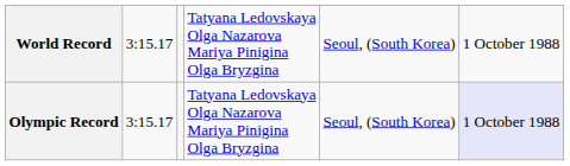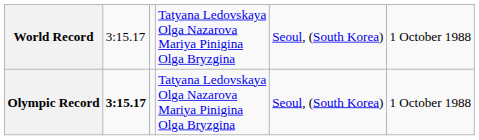 <table class="wikitable" style="text-align:left">
 <tr>
 <th>World Record</th>
 <td>3:15.17</td>
 <td></td>
 <td><a href='#'>Tatyana Ledovskaya</a><br><a href='#'>Olga Nazarova</a><br><a href='#'>Mariya Pinigina</a><br><a href='#'>Olga Bryzgina</a></td>
 <td><a href='#'>Seoul</a>, (<a href='#'>South Korea</a>)</td>
 <td>1 October 1988</td>
 </tr>
 <tr>
 <th>Olympic Record</th>
-<td>3:15.17</td>
+<td><strong>3:15.17</strong></td>
 <td></td>
 <td><a href='#'>Tatyana Ledovskaya</a><br><a href='#'>Olga Nazarova</a><br><a href='#'>Mariya Pinigina</a><br><a href='#'>Olga Bryzgina</a></td>
 <td><a href='#'>Seoul</a>, (<a href='#'>South Korea</a>)</td>
-<td style="background: lavender;">1 October 1988</td>
+<td>1 October 1988</td>
 </tr>
 </table>
